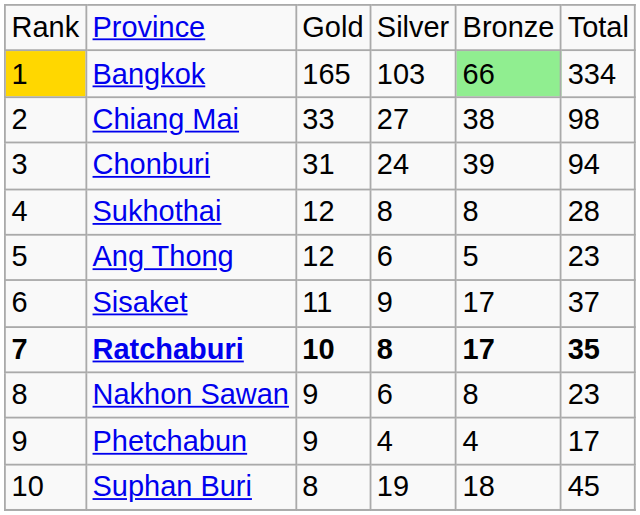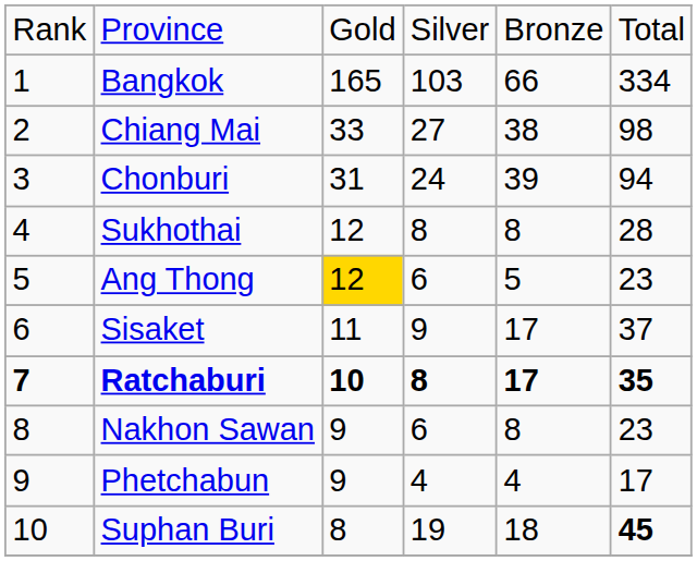 <table class="wikitable">
 <tr>
 <td>Rank</td>
 <td><a href='#'>Province</a></td>
 <td>Gold</td>
 <td>Silver</td>
 <td>Bronze</td>
 <td>Total</td>
 </tr>
 <tr>
-<td style="background: gold;">1</td>
+<td>1</td>
 <td><a href='#'>Bangkok</a></td>
 <td>165</td>
 <td>103</td>
-<td style="background: lightgreen;">66</td>
+<td>66</td>
 <td>334</td>
 </tr>
 <tr>
 <td>2</td>
 <td><a href='#'>Chiang Mai</a></td>
 <td>33</td>
 <td>27</td>
 <td>38</td>
 <td>98</td>
 </tr>
 <tr>
 <td>3</td>
 <td><a href='#'>Chonburi</a></td>
 <td>31</td>
 <td>24</td>
 <td>39</td>
 <td>94</td>
 </tr>
 <tr>
 <td>4</td>
 <td><a href='#'>Sukhothai</a></td>
 <td>12</td>
 <td>8</td>
 <td>8</td>
 <td>28</td>
 </tr>
 <tr>
 <td>5</td>
 <td><a href='#'>Ang Thong</a></td>
-<td>12</td>
+<td style="background: gold;">12</td>
 <td>6</td>
 <td>5</td>
 <td>23</td>
 </tr>
 <tr>
 <td>6</td>
 <td><a href='#'>Sisaket</a></td>
 <td>11</td>
 <td>9</td>
 <td>17</td>
 <td>37</td>
 </tr>
 <tr>
 <td><strong>7</strong></td>
 <td><strong><a href='#'>Ratchaburi</a></strong></td>
 <td><strong>10</strong></td>
 <td><strong>8</strong></td>
 <td><strong>17</strong></td>
 <td><strong>35</strong></td>
 </tr>
 <tr>
 <td>8</td>
 <td><a href='#'>Nakhon Sawan</a></td>
 <td>9</td>
 <td>6</td>
 <td>8</td>
 <td>23</td>
 </tr>
 <tr>
 <td>9</td>
 <td><a href='#'>Phetchabun</a></td>
 <td>9</td>
 <td>4</td>
 <td>4</td>
 <td>17</td>
 </tr>
 <tr>
 <td>10</td>
 <td><a href='#'>Suphan Buri</a></td>
 <td>8</td>
 <td>19</td>
 <td>18</td>
-<td>45</td>
+<td><strong>45</strong></td>
 </tr>
 <tr>
 </tr>
 </table>
